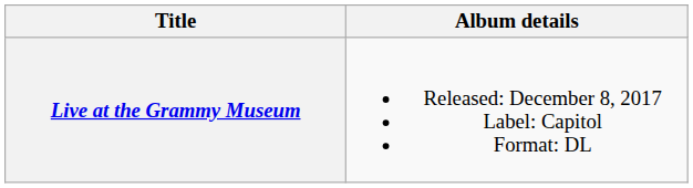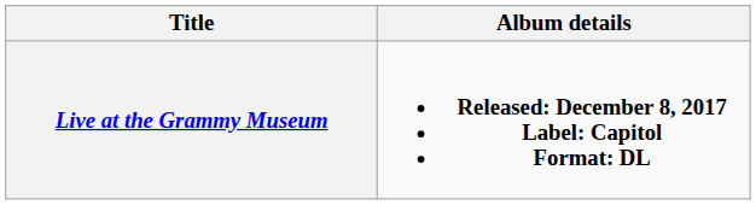 <table class="wikitable plainrowheaders" style="text-align:center;">
 <tr>
 <th scope="col" style="width:16em;">Title</th>
 <th scope="col" style="width:16em;">Album details</th>
 </tr>
 <tr>
 <th scope="row"><em><a href='#'>Live at the Grammy Museum</a></em></th>
-<td><br><ul><li>Released: December 8, 2017</li><li>Label: Capitol</li><li>Format: DL</li></ul></td>
+<td><strong><br><ul><li>Released: December 8, 2017</li><li>Label: Capitol</li><li>Format: DL</li></ul></strong></td>
 </tr>
 </table>
